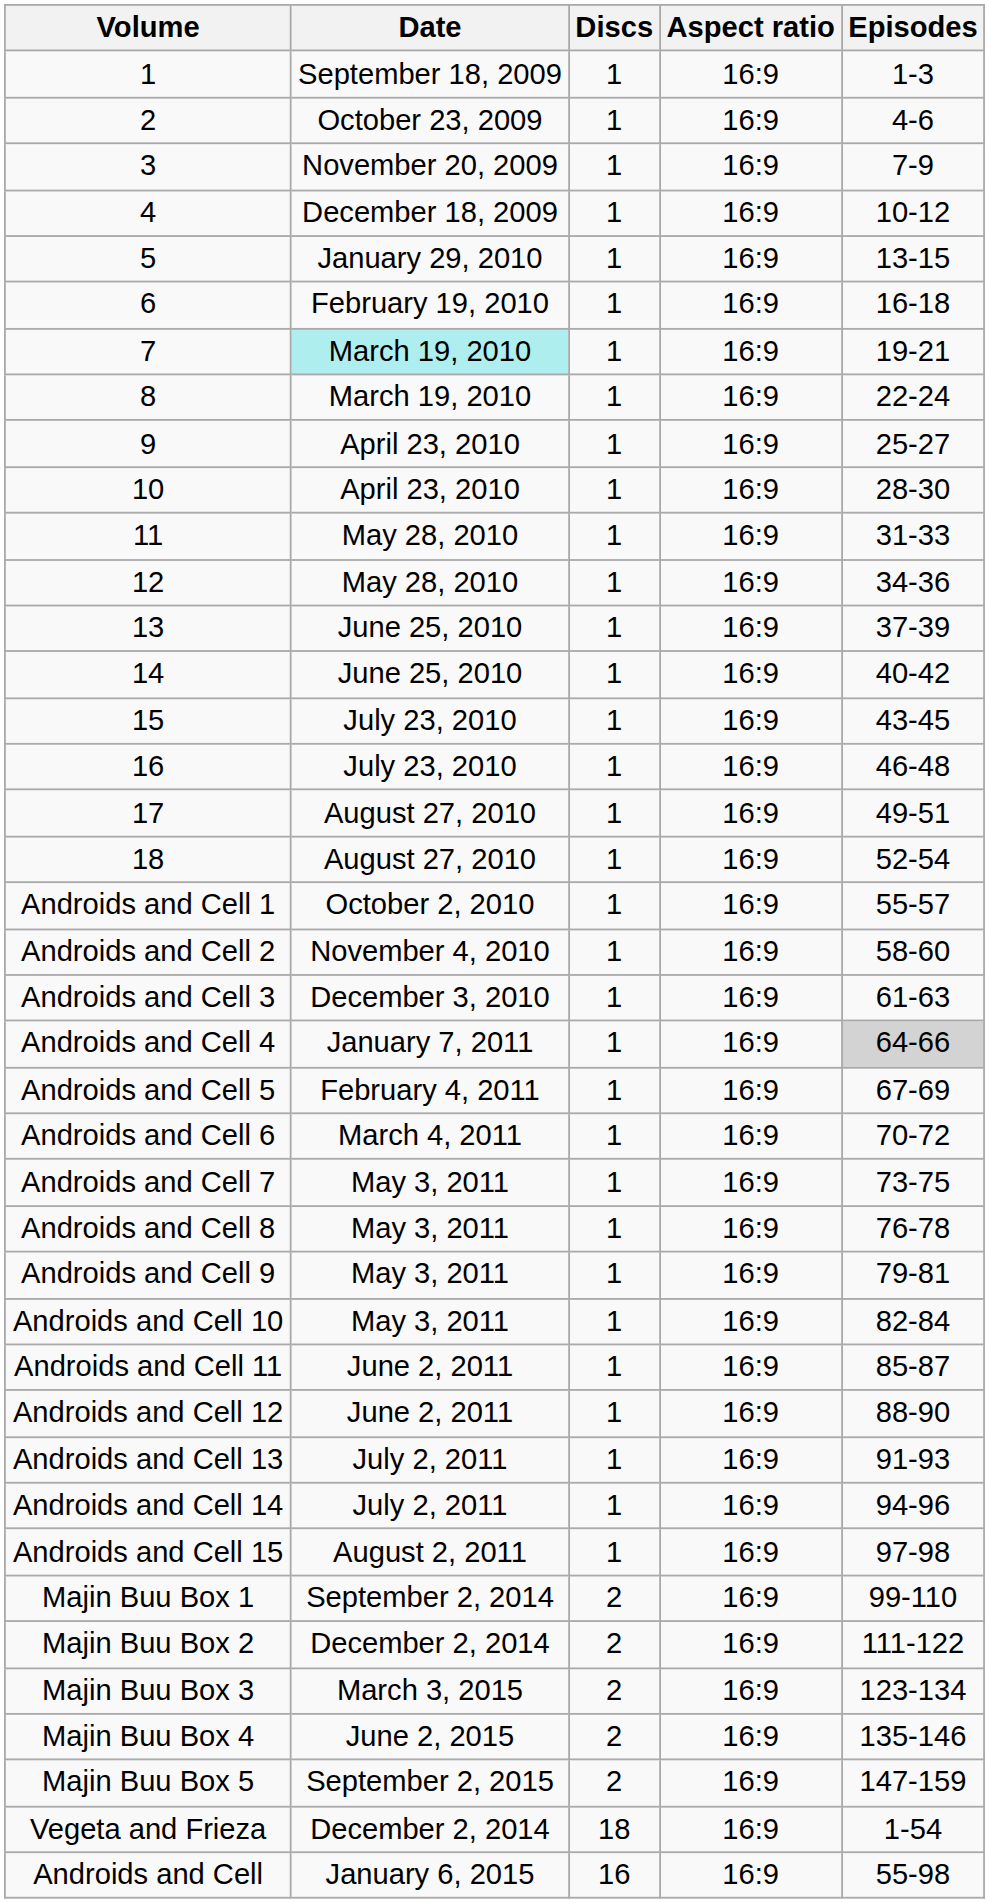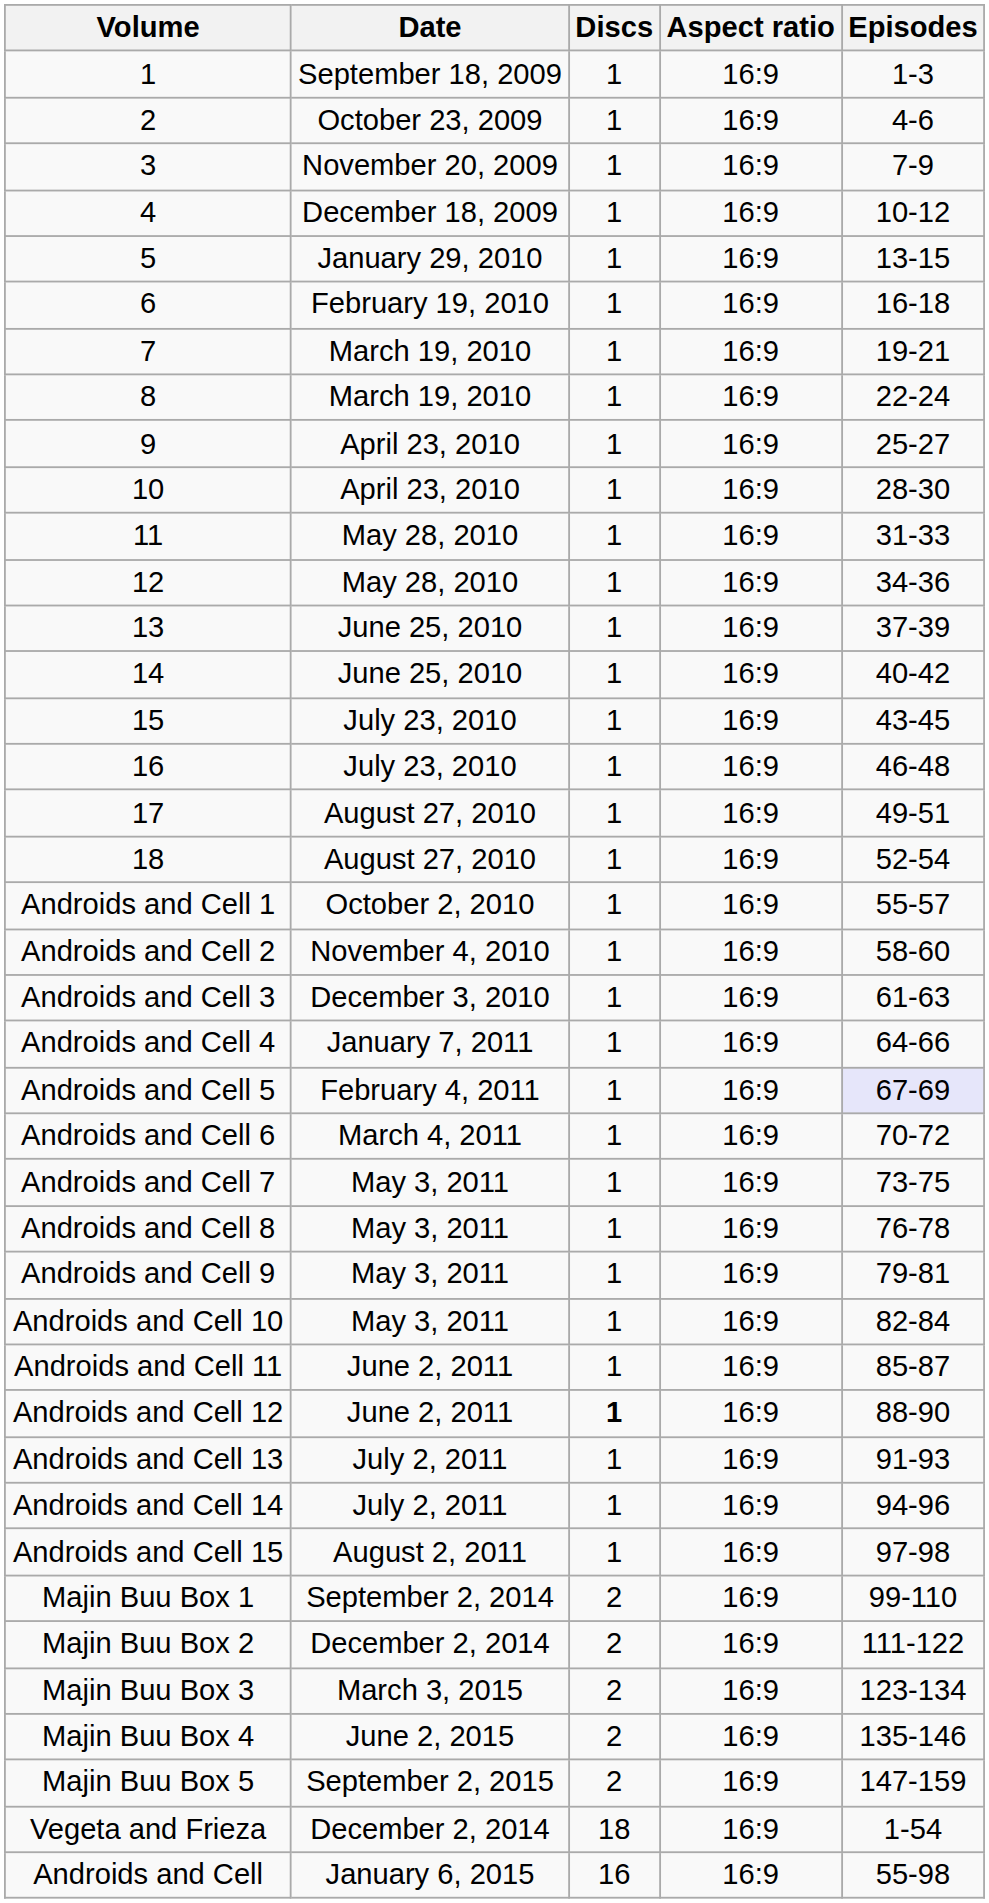 <table class="wikitable" style="text-align:center;">
 <tr>
 <th style="width: 150px;">Volume</th>
 <th>Date</th>
 <th>Discs</th>
 <th>Aspect ratio</th>
 <th>Episodes</th>
 </tr>
 <tr>
 <td>1</td>
 <td>September 18, 2009</td>
 <td>1</td>
 <td>16:9</td>
 <td>1-3</td>
 </tr>
 <tr>
 <td>2</td>
 <td>October 23, 2009</td>
 <td>1</td>
 <td>16:9</td>
 <td>4-6</td>
 </tr>
 <tr>
 <td>3</td>
 <td>November 20, 2009</td>
 <td>1</td>
 <td>16:9</td>
 <td>7-9</td>
 </tr>
 <tr>
 <td>4</td>
 <td>December 18, 2009</td>
 <td>1</td>
 <td>16:9</td>
 <td>10-12</td>
 </tr>
 <tr>
 <td>5</td>
 <td>January 29, 2010</td>
 <td>1</td>
 <td>16:9</td>
 <td>13-15</td>
 </tr>
 <tr>
 <td>6</td>
 <td>February 19, 2010</td>
 <td>1</td>
 <td>16:9</td>
 <td>16-18</td>
 </tr>
 <tr>
 <td>7</td>
-<td style="background: paleturquoise;">March 19, 2010</td>
+<td>March 19, 2010</td>
 <td>1</td>
 <td>16:9</td>
 <td>19-21</td>
 </tr>
 <tr>
 <td>8</td>
 <td>March 19, 2010</td>
 <td>1</td>
 <td>16:9</td>
 <td>22-24</td>
 </tr>
 <tr>
 <td>9</td>
 <td>April 23, 2010</td>
 <td>1</td>
 <td>16:9</td>
 <td>25-27</td>
 </tr>
 <tr>
 <td>10</td>
 <td>April 23, 2010</td>
 <td>1</td>
 <td>16:9</td>
 <td>28-30</td>
 </tr>
 <tr>
 <td>11</td>
 <td>May 28, 2010</td>
 <td>1</td>
 <td>16:9</td>
 <td>31-33</td>
 </tr>
 <tr>
 <td>12</td>
 <td>May 28, 2010</td>
 <td>1</td>
 <td>16:9</td>
 <td>34-36</td>
 </tr>
 <tr>
 <td>13</td>
 <td>June 25, 2010</td>
 <td>1</td>
 <td>16:9</td>
 <td>37-39</td>
 </tr>
 <tr>
 <td>14</td>
 <td>June 25, 2010</td>
 <td>1</td>
 <td>16:9</td>
 <td>40-42</td>
 </tr>
 <tr>
 <td>15</td>
 <td>July 23, 2010</td>
 <td>1</td>
 <td>16:9</td>
 <td>43-45</td>
 </tr>
 <tr>
 <td>16</td>
 <td>July 23, 2010</td>
 <td>1</td>
 <td>16:9</td>
 <td>46-48</td>
 </tr>
 <tr>
 <td>17</td>
 <td>August 27, 2010</td>
 <td>1</td>
 <td>16:9</td>
 <td>49-51</td>
 </tr>
 <tr>
 <td>18</td>
 <td>August 27, 2010</td>
 <td>1</td>
 <td>16:9</td>
 <td>52-54</td>
 </tr>
 <tr>
 <td>Androids and Cell 1</td>
 <td>October 2, 2010</td>
 <td>1</td>
 <td>16:9</td>
 <td>55-57</td>
 </tr>
 <tr>
 <td>Androids and Cell 2</td>
 <td>November 4, 2010</td>
 <td>1</td>
 <td>16:9</td>
 <td>58-60</td>
 </tr>
 <tr>
 <td>Androids and Cell 3</td>
 <td>December 3, 2010</td>
 <td>1</td>
 <td>16:9</td>
 <td>61-63</td>
 </tr>
 <tr>
 <td>Androids and Cell 4</td>
 <td>January 7, 2011</td>
 <td>1</td>
 <td>16:9</td>
-<td style="background: lightgrey;">64-66</td>
+<td>64-66</td>
 </tr>
 <tr>
 <td>Androids and Cell 5</td>
 <td>February 4, 2011</td>
 <td>1</td>
 <td>16:9</td>
-<td>67-69</td>
+<td style="background: lavender;">67-69</td>
 </tr>
 <tr>
 <td>Androids and Cell 6</td>
 <td>March 4, 2011</td>
 <td>1</td>
 <td>16:9</td>
 <td>70-72</td>
 </tr>
 <tr>
 <td>Androids and Cell 7</td>
 <td>May 3, 2011</td>
 <td>1</td>
 <td>16:9</td>
 <td>73-75</td>
 </tr>
 <tr>
 <td>Androids and Cell 8</td>
 <td>May 3, 2011</td>
 <td>1</td>
 <td>16:9</td>
 <td>76-78</td>
 </tr>
 <tr>
 <td>Androids and Cell 9</td>
 <td>May 3, 2011</td>
 <td>1</td>
 <td>16:9</td>
 <td>79-81</td>
 </tr>
 <tr>
 <td>Androids and Cell 10</td>
 <td>May 3, 2011</td>
 <td>1</td>
 <td>16:9</td>
 <td>82-84</td>
 </tr>
 <tr>
 <td>Androids and Cell 11</td>
 <td>June 2, 2011</td>
 <td>1</td>
 <td>16:9</td>
 <td>85-87</td>
 </tr>
 <tr>
 <td>Androids and Cell 12</td>
 <td>June 2, 2011</td>
-<td>1</td>
+<td><strong>1</strong></td>
 <td>16:9</td>
 <td>88-90</td>
 </tr>
 <tr>
 <td>Androids and Cell 13</td>
 <td>July 2, 2011</td>
 <td>1</td>
 <td>16:9</td>
 <td>91-93</td>
 </tr>
 <tr>
 <td>Androids and Cell 14</td>
 <td>July 2, 2011</td>
 <td>1</td>
 <td>16:9</td>
 <td>94-96</td>
 </tr>
 <tr>
 <td>Androids and Cell 15</td>
 <td>August 2, 2011</td>
 <td>1</td>
 <td>16:9</td>
 <td>97-98</td>
 </tr>
 <tr>
 <td>Majin Buu Box 1</td>
 <td>September 2, 2014</td>
 <td>2</td>
 <td>16:9</td>
 <td>99-110</td>
 </tr>
 <tr>
 <td>Majin Buu Box 2</td>
 <td>December 2, 2014</td>
 <td>2</td>
 <td>16:9</td>
 <td>111-122</td>
 </tr>
 <tr>
 <td>Majin Buu Box 3</td>
 <td>March 3, 2015</td>
 <td>2</td>
 <td>16:9</td>
 <td>123-134</td>
 </tr>
 <tr>
 <td>Majin Buu Box 4</td>
 <td>June 2, 2015</td>
 <td>2</td>
 <td>16:9</td>
 <td>135-146</td>
 </tr>
 <tr>
 <td>Majin Buu Box 5</td>
 <td>September 2, 2015</td>
 <td>2</td>
 <td>16:9</td>
 <td>147-159</td>
 </tr>
 <tr>
 <td>Vegeta and Frieza</td>
 <td>December 2, 2014</td>
 <td>18</td>
 <td>16:9</td>
 <td>1-54</td>
 </tr>
 <tr>
 <td>Androids and Cell</td>
 <td>January 6, 2015</td>
 <td>16</td>
 <td>16:9</td>
 <td>55-98</td>
 </tr>
 </table>
